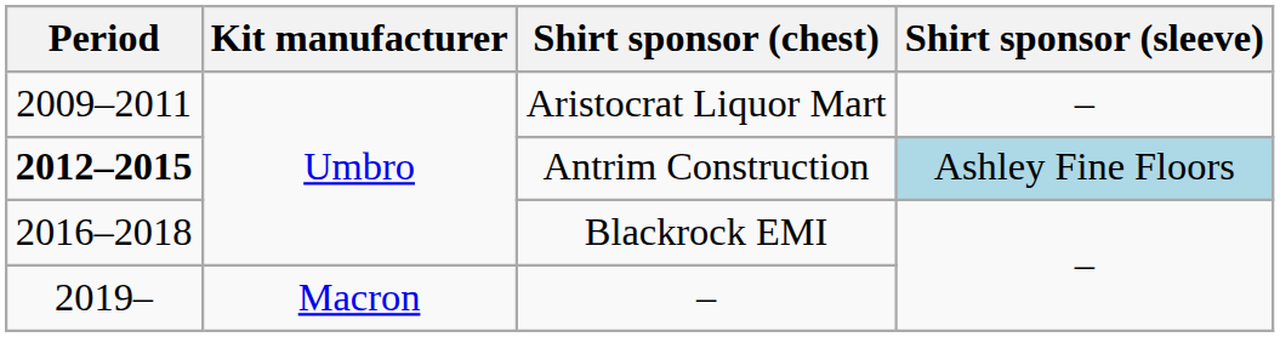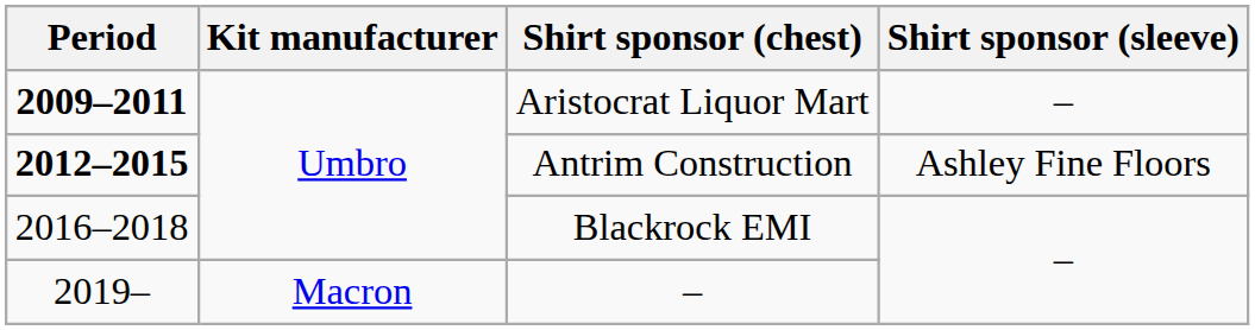 <table class="wikitable" style="font-size:90%; text-align:center">
 <tr>
 <th>Period</th>
 <th>Kit manufacturer</th>
 <th>Shirt sponsor (chest)</th>
 <th>Shirt sponsor (sleeve)</th>
 </tr>
 <tr>
-<td>2009–2011</td>
+<td><strong>2009–2011</strong></td>
 <td rowspan="3"><a href='#'>Umbro</a></td>
 <td>Aristocrat Liquor Mart</td>
 <td>–</td>
 </tr>
 <tr>
 <td><strong>2012–2015</strong></td>
 <td>Antrim Construction</td>
-<td style="background: lightblue;">Ashley Fine Floors</td>
+<td>Ashley Fine Floors</td>
 </tr>
 <tr>
 <td>2016–2018</td>
 <td>Blackrock EMI</td>
 <td rowspan="2">–</td>
 </tr>
 <tr>
 <td>2019–</td>
 <td><a href='#'>Macron</a></td>
 <td>–</td>
 </tr>
 </table>
